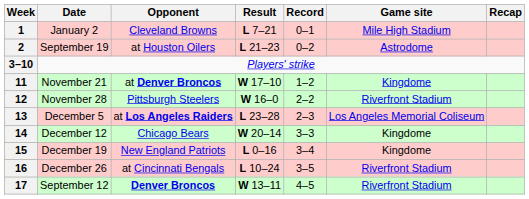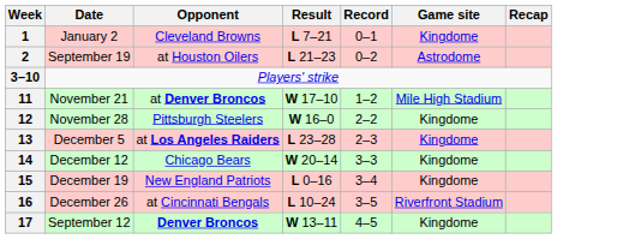 <table class="wikitable" style="text-align:center">
 <tr>
 <th>Week</th>
 <th>Date</th>
 <th>Opponent</th>
 <th>Result</th>
 <th>Record</th>
 <th>Game site</th>
 <th>Recap</th>
 </tr>
 <tr style="background:#fcc">
 <th>1</th>
 <td>January 2</td>
 <td><a href='#'>Cleveland Browns</a></td>
 <td><strong>L</strong> 7–21</td>
 <td>0–1</td>
-<td><a href='#'>Mile High Stadium</a></td>
+<td><a href='#'>Kingdome</a></td>
 <td></td>
 </tr>
 <tr style="background:#fcc">
 <th>2</th>
 <td>September 19</td>
 <td>at <a href='#'>Houston Oilers</a></td>
 <td><strong>L</strong> 21–23</td>
 <td>0–2</td>
 <td><a href='#'>Astrodome</a></td>
 <td></td>
 </tr>
 <tr>
 <th>3–10</th>
 <td colspan="6"><em><a href='#'>Players' strike</a></em></td>
 </tr>
 <tr style="background:#cfc">
 <th>11</th>
 <td>November 21</td>
 <td>at <strong><a href='#'>Denver Broncos</a></strong></td>
 <td><strong>W</strong> 17–10</td>
 <td>1–2</td>
-<td><a href='#'>Kingdome</a></td>
+<td><a href='#'>Mile High Stadium</a></td>
 <td></td>
 </tr>
 <tr style="background:#cfc">
 <th>12</th>
 <td>November 28</td>
 <td><a href='#'>Pittsburgh Steelers</a></td>
 <td><strong>W</strong> 16–0</td>
 <td>2–2</td>
-<td><a href='#'>Riverfront Stadium</a></td>
+<td>Kingdome</td>
 <td></td>
 </tr>
 <tr style="background:#fcc">
 <th>13</th>
 <td>December 5</td>
 <td>at <strong><a href='#'>Los Angeles Raiders</a></strong></td>
 <td><strong>L</strong> 23–28</td>
 <td>2–3</td>
-<td><a href='#'>Los Angeles Memorial Coliseum</a></td>
+<td><a href='#'>Kingdome</a></td>
 <td></td>
 </tr>
 <tr style="background:#cfc">
 <th>14</th>
 <td>December 12</td>
 <td><a href='#'>Chicago Bears</a></td>
 <td><strong>W</strong> 20–14</td>
 <td>3–3</td>
 <td>Kingdome</td>
 <td></td>
 </tr>
 <tr style="background:#fcc">
 <th>15</th>
 <td>December 19</td>
 <td><a href='#'>New England Patriots</a></td>
 <td><strong>L</strong> 0–16</td>
 <td>3–4</td>
 <td>Kingdome</td>
 <td></td>
 </tr>
 <tr style="background:#fcc">
 <th>16</th>
 <td>December 26</td>
 <td>at <a href='#'>Cincinnati Bengals</a></td>
 <td><strong>L</strong> 10–24</td>
 <td>3–5</td>
 <td><a href='#'>Riverfront Stadium</a></td>
 <td></td>
 </tr>
 <tr style="background:#cfc">
 <th>17</th>
 <td>September 12</td>
 <td><strong><a href='#'>Denver Broncos</a></strong></td>
 <td><strong>W</strong> 13–11</td>
 <td>4–5</td>
-<td><a href='#'>Riverfront Stadium</a></td>
+<td>Kingdome</td>
 <td></td>
 </tr>
 </table>
